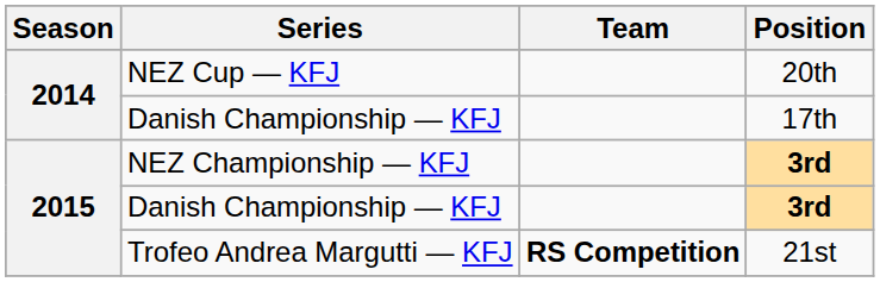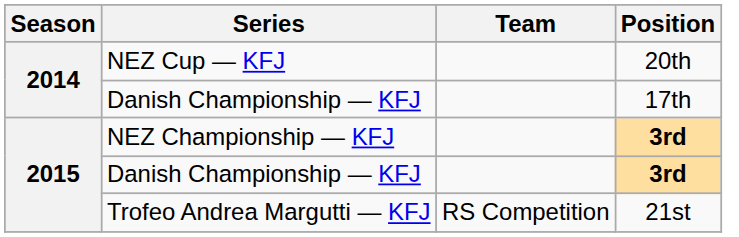 <table class="wikitable" style="font-size: 85%; text-align:center">
 <tr>
 <th>Season</th>
 <th>Series</th>
 <th>Team</th>
 <th>Position</th>
 </tr>
 <tr>
 <th rowspan="2">2014</th>
 <td align="left">NEZ Cup — <a href='#'>KFJ</a></td>
 <td align="left"></td>
 <td>20th</td>
 </tr>
 <tr>
 <td align="left">Danish Championship — <a href='#'>KFJ</a></td>
 <td align="left"></td>
 <td>17th</td>
 </tr>
 <tr>
 <th rowspan="3">2015</th>
 <td align="left">NEZ Championship — <a href='#'>KFJ</a></td>
 <td align="left"></td>
 <td style="background:#FFDF9F;"><strong>3rd</strong></td>
 </tr>
 <tr>
 <td align="left">Danish Championship — <a href='#'>KFJ</a></td>
 <td align="left"></td>
 <td style="background:#FFDF9F;"><strong>3rd</strong></td>
 </tr>
 <tr>
 <td align="left">Trofeo Andrea Margutti — <a href='#'>KFJ</a></td>
-<td align="left"><strong>RS Competition</strong></td>
+<td align="left">RS Competition</td>
 <td>21st</td>
 </tr>
 </table>
